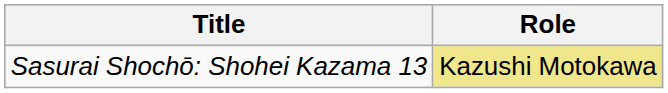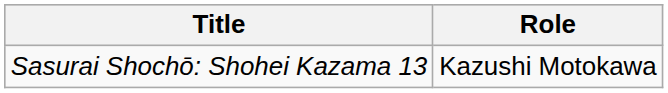 <table class="wikitable">
 <tr>
 <th>Title</th>
 <th>Role</th>
 </tr>
 <tr>
 <td><em>Sasurai Shochō: Shohei Kazama 13</em></td>
-<td style="background: khaki;">Kazushi Motokawa</td>
+<td>Kazushi Motokawa</td>
 </tr>
 </table>
